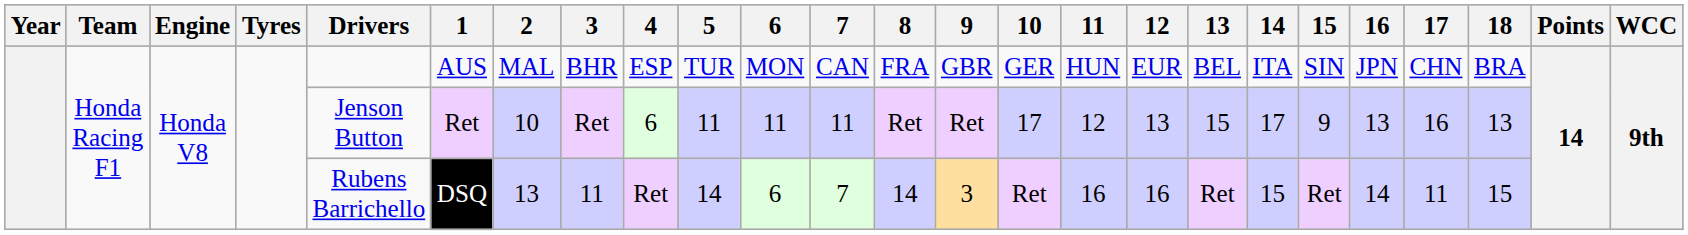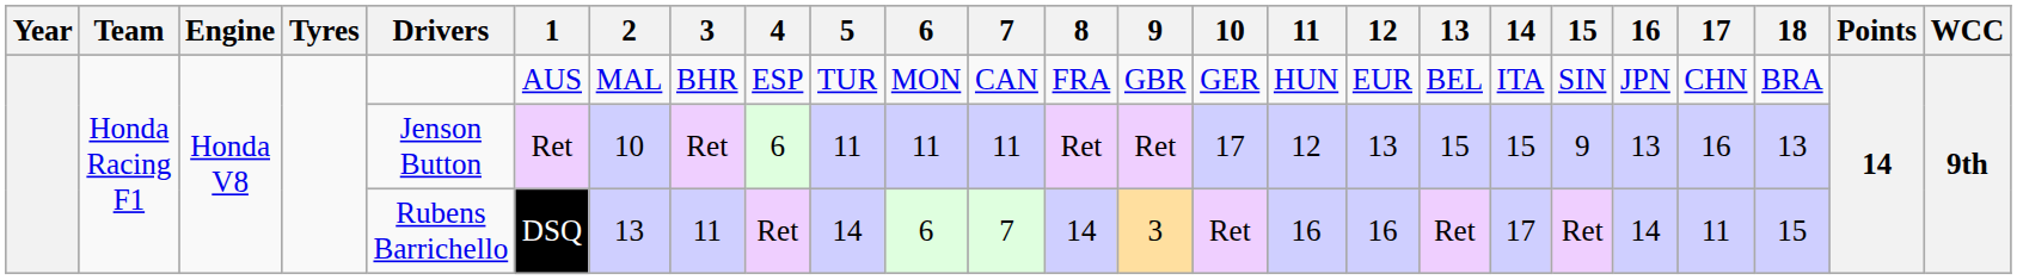 <table class="wikitable" style="text-align:center; font-size:95%">
 <tr>
 <th>Year</th>
 <th>Team</th>
 <th>Engine</th>
 <th>Tyres</th>
 <th>Drivers</th>
 <th>1</th>
 <th>2</th>
 <th>3</th>
 <th>4</th>
 <th>5</th>
 <th>6</th>
 <th>7</th>
 <th>8</th>
 <th>9</th>
 <th>10</th>
 <th>11</th>
 <th>12</th>
 <th>13</th>
 <th>14</th>
 <th>15</th>
 <th>16</th>
 <th>17</th>
 <th>18</th>
 <th>Points</th>
 <th>WCC</th>
 </tr>
 <tr>
 <th rowspan="3"></th>
 <td rowspan="3"><a href='#'>Honda Racing F1</a></td>
 <td rowspan="3"><a href='#'>Honda</a> <a href='#'>V8</a></td>
 <td rowspan="3"></td>
 <td></td>
 <td><a href='#'>AUS</a></td>
 <td><a href='#'>MAL</a></td>
 <td><a href='#'>BHR</a></td>
 <td><a href='#'>ESP</a></td>
 <td><a href='#'>TUR</a></td>
 <td><a href='#'>MON</a></td>
 <td><a href='#'>CAN</a></td>
 <td><a href='#'>FRA</a></td>
 <td><a href='#'>GBR</a></td>
 <td><a href='#'>GER</a></td>
 <td><a href='#'>HUN</a></td>
 <td><a href='#'>EUR</a></td>
 <td><a href='#'>BEL</a></td>
 <td><a href='#'>ITA</a></td>
 <td><a href='#'>SIN</a></td>
 <td><a href='#'>JPN</a></td>
 <td><a href='#'>CHN</a></td>
 <td><a href='#'>BRA</a></td>
 <th rowspan="3">14</th>
 <th rowspan="3">9th</th>
 </tr>
 <tr>
 <td> <a href='#'>Jenson Button</a></td>
 <td style="background:#EFCFFF;">Ret</td>
 <td style="background:#CFCFFF;">10</td>
 <td style="background:#EFCFFF;">Ret</td>
 <td style="background:#DFFFDF;">6</td>
 <td style="background:#CFCFFF;">11</td>
 <td style="background:#CFCFFF;">11</td>
 <td style="background:#CFCFFF;">11</td>
 <td style="background:#EFCFFF;">Ret</td>
 <td style="background:#EFCFFF;">Ret</td>
 <td style="background:#CFCFFF;">17</td>
 <td style="background:#CFCFFF;">12</td>
 <td style="background:#CFCFFF;">13</td>
 <td style="background:#CFCFFF;">15</td>
-<td style="background:#CFCFFF;">17</td>
+<td style="background:#CFCFFF;">15</td>
 <td style="background:#CFCFFF;">9</td>
 <td style="background:#CFCFFF;">13</td>
 <td style="background:#CFCFFF;">16</td>
 <td style="background:#CFCFFF;">13</td>
 </tr>
 <tr>
 <td> <a href='#'>Rubens Barrichello</a></td>
 <td style="background:#000000; color:#ffffff">DSQ</td>
 <td style="background:#CFCFFF;">13</td>
 <td style="background:#CFCFFF;">11</td>
 <td style="background:#EFCFFF;">Ret</td>
 <td style="background:#CFCFFF;">14</td>
 <td style="background:#DFFFDF;">6</td>
 <td style="background:#DFFFDF;">7</td>
 <td style="background:#CFCFFF;">14</td>
 <td style="background:#FFDF9F;">3</td>
 <td style="background:#EFCFFF;">Ret</td>
 <td style="background:#CFCFFF;">16</td>
 <td style="background:#CFCFFF;">16</td>
 <td style="background:#EFCFFF;">Ret</td>
-<td style="background:#CFCFFF;">15</td>
+<td style="background:#CFCFFF;">17</td>
 <td style="background:#EFCFFF;">Ret</td>
 <td style="background:#CFCFFF;">14</td>
 <td style="background:#CFCFFF;">11</td>
 <td style="background:#CFCFFF;">15</td>
 </tr>
 </table>
